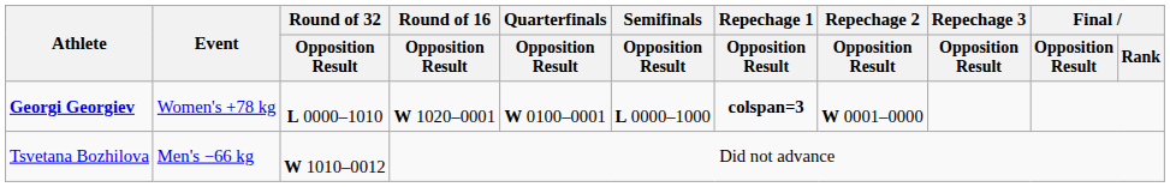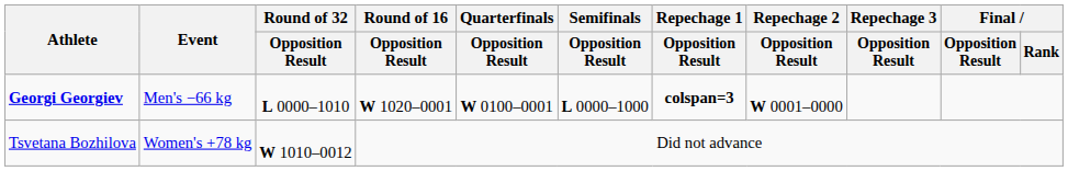 <table class="wikitable" style="font-size:90%">
 <tr>
 <th rowspan="2">Athlete</th>
 <th rowspan="2">Event</th>
 <th>Round of 32</th>
 <th>Round of 16</th>
 <th>Quarterfinals</th>
 <th>Semifinals</th>
 <th>Repechage 1</th>
 <th>Repechage 2</th>
 <th>Repechage 3</th>
 <th colspan=2>Final / </th>
 </tr>
 <tr style="font-size:95%">
 <th>Opposition<br>Result</th>
 <th>Opposition<br>Result</th>
 <th>Opposition<br>Result</th>
 <th>Opposition<br>Result</th>
 <th>Opposition<br>Result</th>
 <th>Opposition<br>Result</th>
 <th>Opposition<br>Result</th>
 <th>Opposition<br>Result</th>
 <th>Rank</th>
 </tr>
 <tr align=center>
 <td align=left><strong><a href='#'>Georgi Georgiev</a></strong></td>
-<td align=left><a href='#'>Women's +78 kg</a></td>
+<td align=left><a href='#'>Men's −66 kg</a></td>
 <td><br><strong>L</strong> 0000–1010</td>
 <td><br><strong>W</strong> 1020–0001</td>
 <td><br><strong>W</strong> 0100–0001</td>
 <td><br><strong>L</strong> 0000–1000</td>
 <td><strong>colspan=3 </strong></td>
 <td><br><strong>W</strong> 0001–0000</td>
 <td></td>
 </tr>
 <tr align=center>
 <td align=left><a href='#'>Tsvetana Bozhilova</a></td>
-<td align=left><a href='#'>Men's −66 kg</a></td>
+<td align=left><a href='#'>Women's +78 kg</a></td>
 <td><br><strong>W</strong> 1010–0012</td>
 <td colspan=8>Did not advance</td>
 </tr>
 </table>
